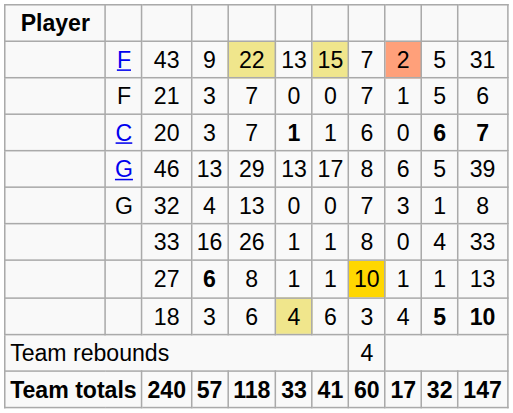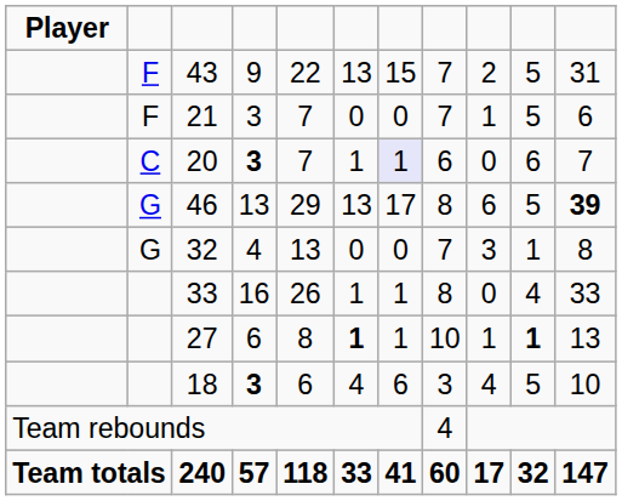 <table class="wikitable sortable" style="text-align: center; font-size:95%">
 <tr>
 <td><strong>Player</strong></td>
 <td><strong></strong></td>
 <td><strong></strong></td>
 <td><strong></strong></td>
 <td><strong></strong></td>
 <td><strong></strong></td>
 <td><strong></strong></td>
 <td><strong></strong></td>
 <td><strong></strong></td>
 <td><strong></strong></td>
 <td><strong></strong></td>
 </tr>
 <tr>
 <td></td>
 <td><a href='#'>F</a></td>
 <td>43</td>
 <td>9</td>
-<td style="background: khaki;">22</td>
+<td>22</td>
 <td>13</td>
-<td style="background: khaki;">15</td>
+<td>15</td>
 <td>7</td>
-<td style="background: lightsalmon;">2</td>
+<td>2</td>
 <td>5</td>
 <td>31</td>
 </tr>
 <tr>
 <td></td>
 <td>F</td>
 <td>21</td>
 <td>3</td>
 <td>7</td>
 <td>0</td>
 <td>0</td>
 <td>7</td>
 <td>1</td>
 <td>5</td>
 <td>6</td>
 </tr>
 <tr>
 <td></td>
 <td><a href='#'>C</a></td>
 <td>20</td>
-<td>3</td>
+<td><strong>3</strong></td>
 <td>7</td>
-<td><strong>1</strong></td>
 <td>1</td>
+<td style="background: lavender;">1</td>
 <td>6</td>
 <td>0</td>
-<td><strong>6</strong></td>
-<td><strong>7</strong></td>
+<td>6</td>
+<td>7</td>
 </tr>
 <tr>
 <td></td>
 <td><a href='#'>G</a></td>
 <td>46</td>
 <td>13</td>
 <td>29</td>
 <td>13</td>
 <td>17</td>
 <td>8</td>
 <td>6</td>
 <td>5</td>
-<td>39</td>
+<td><strong>39</strong></td>
 </tr>
 <tr>
 <td></td>
 <td>G</td>
 <td>32</td>
 <td>4</td>
 <td>13</td>
 <td>0</td>
 <td>0</td>
 <td>7</td>
 <td>3</td>
 <td>1</td>
 <td>8</td>
 </tr>
 <tr>
 <td></td>
 <td></td>
 <td>33</td>
 <td>16</td>
 <td>26</td>
 <td>1</td>
 <td>1</td>
 <td>8</td>
 <td>0</td>
 <td>4</td>
 <td>33</td>
 </tr>
 <tr>
 <td></td>
 <td></td>
 <td>27</td>
-<td><strong>6</strong></td>
+<td>6</td>
 <td>8</td>
+<td><strong>1</strong></td>
 <td>1</td>
+<td>10</td>
 <td>1</td>
-<td style="background: gold;">10</td>
-<td>1</td>
-<td>1</td>
+<td><strong>1</strong></td>
 <td>13</td>
 </tr>
 <tr>
 <td></td>
 <td></td>
 <td>18</td>
-<td>3</td>
+<td><strong>3</strong></td>
 <td>6</td>
-<td style="background: khaki;">4</td>
+<td>4</td>
 <td>6</td>
 <td>3</td>
 <td>4</td>
-<td><strong>5</strong></td>
-<td><strong>10</strong></td>
+<td>5</td>
+<td>10</td>
 </tr>
 <tr class="sortbottom">
 <td style="text-align:left;" colspan="7">Team rebounds</td>
 <td>4</td>
 <td colspan=3></td>
 </tr>
 <tr class="sortbottom">
 <td style="text-align:left;" colspan="2"><strong>Team totals</strong></td>
 <td><strong>240</strong></td>
 <td><strong>57</strong></td>
 <td><strong>118</strong></td>
 <td><strong>33</strong></td>
 <td><strong>41</strong></td>
 <td><strong>60</strong></td>
 <td><strong>17</strong></td>
 <td><strong>32</strong></td>
 <td><strong>147</strong></td>
 </tr>
 </table>
